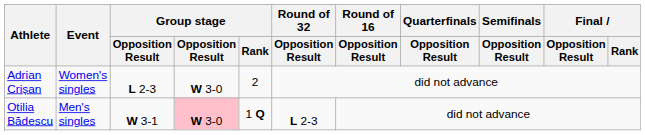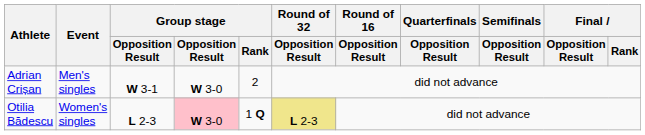 <table class="wikitable" style="font-size:90%">
 <tr>
 <th rowspan="2">Athlete</th>
 <th rowspan="2">Event</th>
 <th colspan=3>Group stage</th>
 <th>Round of 32</th>
 <th>Round of 16</th>
 <th>Quarterfinals</th>
 <th>Semifinals</th>
 <th colspan=2>Final / </th>
 </tr>
 <tr style="font-size:95%">
 <th>Opposition<br>Result</th>
 <th>Opposition<br>Result</th>
 <th>Rank</th>
 <th>Opposition<br>Result</th>
 <th>Opposition<br>Result</th>
 <th>Opposition<br>Result</th>
 <th>Opposition<br>Result</th>
 <th>Opposition<br>Result</th>
 <th>Rank</th>
 </tr>
 <tr align=center>
 <td align=left><a href='#'>Adrian Crișan</a></td>
-<td align=left><a href='#'>Women's singles</a></td>
-<td><br><strong>L</strong> 2-3</td>
+<td align=left><a href='#'>Men's singles</a></td>
+<td><br><strong>W</strong> 3-1</td>
 <td><br><strong>W</strong> 3-0</td>
 <td>2</td>
 <td colspan=6>did not advance</td>
 </tr>
 <tr align=center>
 <td align=left><a href='#'>Otilia Bădescu</a></td>
-<td align=left><a href='#'>Men's singles</a></td>
-<td><br><strong>W</strong> 3-1</td>
+<td align=left><a href='#'>Women's singles</a></td>
+<td><br><strong>L</strong> 2-3</td>
 <td style="background: pink;"><br><strong>W</strong> 3-0</td>
 <td>1 <strong>Q</strong></td>
-<td><br><strong>L</strong> 2-3</td>
+<td style="background: khaki;"><br><strong>L</strong> 2-3</td>
 <td colspan=5>did not advance</td>
 </tr>
 </table>
